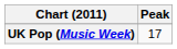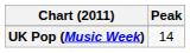 <table class="wikitable plainrowheaders">
 <tr>
 <th scope="col">Chart (2011)</th>
 <th scope="col">Peak</th>
 </tr>
 <tr>
 </tr>
 <tr>
 <th scope="row">UK Pop (<em><a href='#'>Music Week</a></em>)</th>
-<td align="center">17</td>
+<td align="center">14</td>
 </tr>
 </table>
